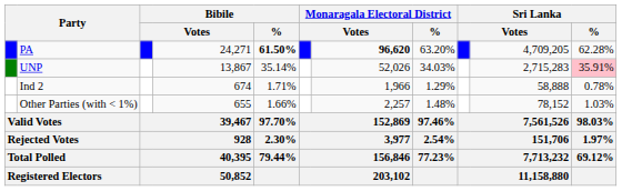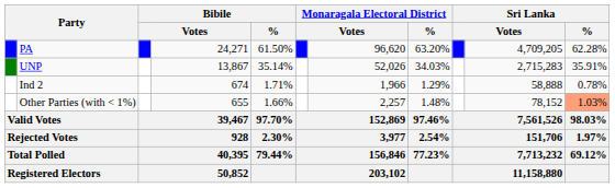 <table class="wikitable">
 <tr>
 <th colspan="2" width="144px"rowspan="2">Party</th>
 <th colspan="3" width="216px">Bibile</th>
 <th colspan="3" width="216px"><a href='#'>Monaragala Electoral District</a></th>
 <th colspan="3" width="216px">Sri Lanka</th>
 </tr>
 <tr>
 <th colspan="2" width="144px">Votes</th>
 <th>%</th>
 <th colspan="2" width="144px">Votes</th>
 <th>%</th>
 <th colspan="2" width="144px">Votes</th>
 <th>%</th>
 </tr>
 <tr>
 <td style="background-color:blue;" width="10px"></td>
 <td style="text-align:left;"><a href='#'>PA</a></td>
 <td style="background-color:blue;" width="10px"></td>
 <td style="text-align:right;">24,271</td>
-<td style="text-align:right;"><strong>61.50%</strong></td>
+<td style="text-align:right;">61.50%</td>
 <td style="background-color:blue;" width="10px"></td>
-<td style="text-align:right;"><strong>96,620</strong></td>
+<td style="text-align:right;">96,620</td>
 <td style="text-align:right;">63.20%</td>
 <td style="background-color:blue;" width="10px"></td>
 <td style="text-align:right;">4,709,205</td>
 <td style="text-align:right;">62.28%</td>
 </tr>
 <tr>
 <td style="background-color:green;" width="10px"></td>
 <td style="text-align:left;"><a href='#'>UNP</a></td>
 <td style="background-color:white;" width="10px"></td>
 <td style="text-align:right;">13,867</td>
 <td style="text-align:right;">35.14%</td>
 <td style="background-color:white;" width="10px"></td>
 <td style="text-align:right;">52,026</td>
 <td style="text-align:right;">34.03%</td>
 <td style="background-color:white;" width="10px"></td>
 <td style="text-align:right;">2,715,283</td>
-<td style="background: pink; text-align:right;">35.91%</td>
+<td style="text-align:right;">35.91%</td>
 </tr>
 <tr>
 <td style="background-color:white;" width="10px"></td>
 <td style="text-align:left;">Ind 2</td>
 <td style="background-color:white;" width="10px"></td>
 <td style="text-align:right;">674</td>
 <td style="text-align:right;">1.71%</td>
 <td style="background-color:white;" width="10px"></td>
 <td style="text-align:right;">1,966</td>
 <td style="text-align:right;">1.29%</td>
 <td style="background-color:white;" width="10px"></td>
 <td style="text-align:right;">58,888</td>
 <td style="text-align:right;">0.78%</td>
 </tr>
 <tr>
 <td style="background-color:white;" width="10px"></td>
 <td style="text-align:left;">Other Parties (with < 1%)</td>
 <td style="background-color:white;" width="10px"></td>
 <td style="text-align:right;">655</td>
 <td style="text-align:right;">1.66%</td>
 <td style="background-color:white;" width="10px"></td>
 <td style="text-align:right;">2,257</td>
 <td style="text-align:right;">1.48%</td>
 <td style="background-color:white;" width="10px"></td>
 <td style="text-align:right;">78,152</td>
-<td style="text-align:right;">1.03%</td>
+<td style="background: lightsalmon; text-align:right;">1.03%</td>
 </tr>
 <tr>
 <th colspan="2" width="144px"style="text-align:left;">Valid Votes</th>
 <th style="text-align:right;"colspan="2" width="144px">39,467</th>
 <th style="text-align:right;">97.70%</th>
 <th style="text-align:right;"colspan="2" width="144px">152,869</th>
 <th style="text-align:right;">97.46%</th>
 <th style="text-align:right;"colspan="2" width="144px">7,561,526</th>
 <th style="text-align:right;">98.03%</th>
 </tr>
 <tr>
 <th colspan="2" width="144px"style="text-align:left;">Rejected Votes</th>
 <th style="text-align:right;"colspan="2" width="144px">928</th>
 <th style="text-align:right;">2.30%</th>
 <th style="text-align:right;"colspan="2" width="144px">3,977</th>
 <th style="text-align:right;">2.54%</th>
 <th style="text-align:right;"colspan="2" width="144px">151,706</th>
 <th style="text-align:right;">1.97%</th>
 </tr>
 <tr>
 <th colspan="2" width="144px"style="text-align:left;">Total Polled</th>
 <th style="text-align:right;"colspan="2" width="144px">40,395</th>
 <th style="text-align:right;">79.44%</th>
 <th style="text-align:right;"colspan="2" width="144px">156,846</th>
 <th style="text-align:right;">77.23%</th>
 <th style="text-align:right;"colspan="2" width="144px">7,713,232</th>
 <th style="text-align:right;">69.12%</th>
 </tr>
 <tr>
 <th colspan="2" width="144px"style="text-align:left;">Registered Electors</th>
 <th style="text-align:right;"colspan="2" width="144px">50,852</th>
 <th></th>
 <th style="text-align:right;"colspan="2" width="144px">203,102</th>
 <th></th>
 <th style="text-align:right;"colspan="2" width="144px">11,158,880</th>
 <th></th>
 </tr>
 </table>
